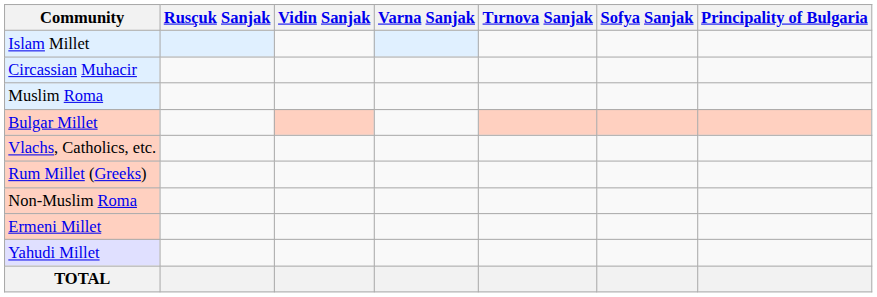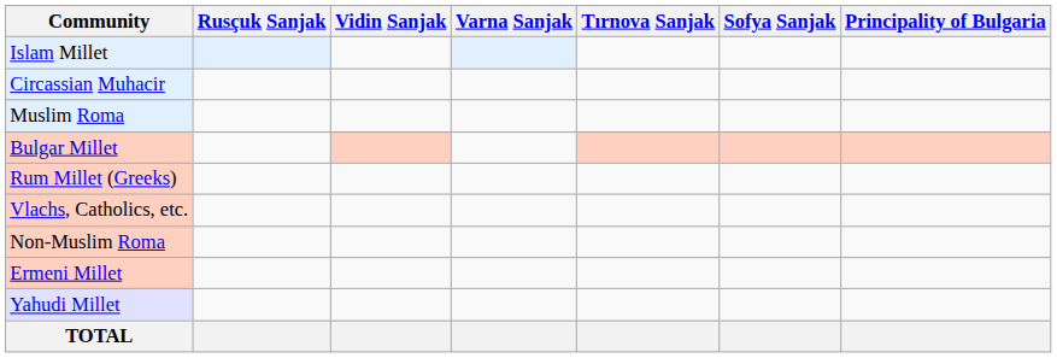 <table class="wikitable sortable">
 <tr>
 <th>Community</th>
 <th><a href='#'>Rusçuk</a> <a href='#'>Sanjak</a></th>
 <th><a href='#'>Vidin</a> <a href='#'>Sanjak</a></th>
 <th><a href='#'>Varna</a> <a href='#'>Sanjak</a></th>
 <th><a href='#'>Tırnova</a> <a href='#'>Sanjak</a></th>
 <th><a href='#'>Sofya</a> <a href='#'>Sanjak</a></th>
 <th><a href='#'>Principality of Bulgaria</a></th>
 </tr>
 <tr>
 <td style="background:#E0F0FF;"><a href='#'>Islam</a> Millet</td>
 <td style="background:#E0F0FF;"></td>
 <td></td>
 <td style="background:#E0F0FF;"></td>
 <td></td>
 <td></td>
 <td></td>
 </tr>
 <tr>
 <td style="background:#E0F0FF;"><a href='#'>Circassian</a> <a href='#'>Muhacir</a></td>
 <td></td>
 <td></td>
 <td></td>
 <td></td>
 <td></td>
 <td></td>
 </tr>
 <tr>
 <td style="background:#E0F0FF;">Muslim <a href='#'>Roma</a></td>
 <td></td>
 <td></td>
 <td></td>
 <td></td>
 <td></td>
 <td></td>
 </tr>
 <tr>
 <td style="background:#FFD0C0;"><a href='#'>Bulgar Millet</a></td>
 <td></td>
 <td style="background:#FFD0C0;"></td>
 <td></td>
 <td style="background:#FFD0C0;"></td>
 <td style="background:#FFD0C0;"></td>
 <td style="background:#FFD0C0;"></td>
 </tr>
 <tr>
-<td style="background:#FFD0C0;"><a href='#'>Vlachs</a>, Catholics, etc.</td>
+<td style="background:#FFD0C0;"><a href='#'>Rum Millet</a> (<a href='#'>Greeks</a>)</td>
 <td></td>
 <td></td>
 <td></td>
 <td></td>
 <td></td>
 <td></td>
 </tr>
 <tr>
-<td style="background:#FFD0C0;"><a href='#'>Rum Millet</a> (<a href='#'>Greeks</a>)</td>
+<td style="background:#FFD0C0;"><a href='#'>Vlachs</a>, Catholics, etc.</td>
 <td></td>
 <td></td>
 <td></td>
 <td></td>
 <td></td>
 <td></td>
 </tr>
 <tr>
 <td style="background:#FFD0C0;">Non-Muslim <a href='#'>Roma</a></td>
 <td></td>
 <td></td>
 <td></td>
 <td></td>
 <td></td>
 <td></td>
 </tr>
 <tr>
 <td style="background:#FFD0C0;"><a href='#'>Ermeni Millet</a></td>
 <td></td>
 <td></td>
 <td></td>
 <td></td>
 <td></td>
 <td></td>
 </tr>
 <tr>
 <td style="background:#E0E0FF;"><a href='#'>Yahudi Millet</a></td>
 <td></td>
 <td></td>
 <td></td>
 <td></td>
 <td></td>
 <td></td>
 </tr>
 <tr>
 <th><strong>TOTAL</strong></th>
 <th></th>
 <th></th>
 <th></th>
 <th></th>
 <th></th>
 <th></th>
 </tr>
 </table>
